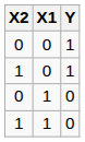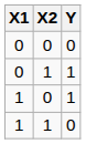 <table class="wikitable">
 <tr>
+<th>X1</th>
 <th>X2</th>
-<th>X1</th>
 <th>Y</th>
 </tr>
 <tr align=center>
 <td>0</td>
 <td>0</td>
+<td>0</td>
+</tr>
+<tr align=center>
+<td>0</td>
+<td>1</td>
 <td>1</td>
 </tr>
 <tr align=center>
 <td>1</td>
 <td>0</td>
 <td>1</td>
 </tr>
 <tr align=center>
-<td>0</td>
-<td>1</td>
-<td>0</td>
-</tr>
-<tr align=center>
 <td>1</td>
 <td>1</td>
 <td>0</td>
 </tr>
 </table>
